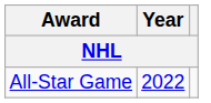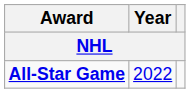 <table class="wikitable">
 <tr>
 <th>Award</th>
 <th>Year</th>
 <th></th>
 </tr>
 <tr>
 <th colspan="3"><a href='#'>NHL</a></th>
 </tr>
 <tr>
-<td><a href='#'>All-Star Game</a></td>
+<td><strong><a href='#'>All-Star Game</a></strong></td>
 <td><a href='#'>2022</a></td>
 <td></td>
 </tr>
 </table>
